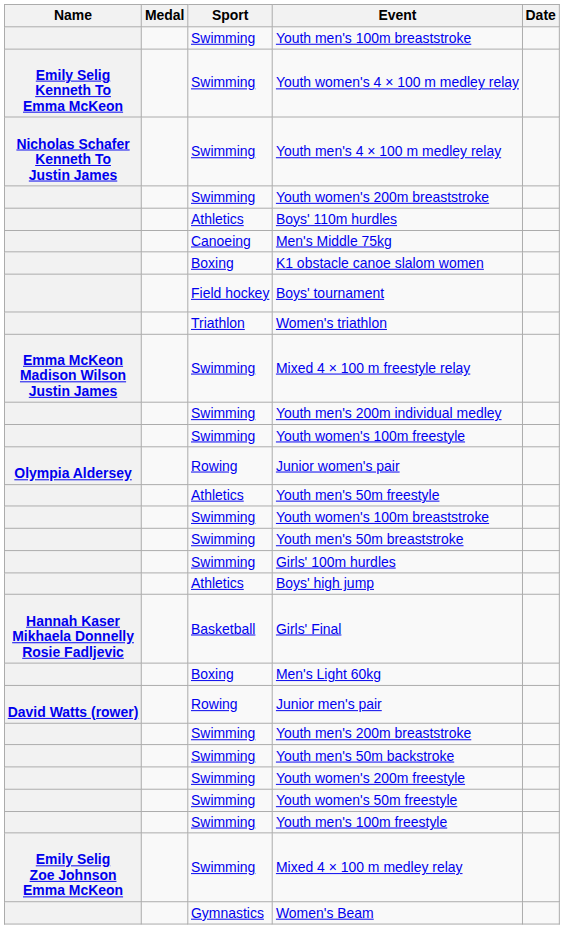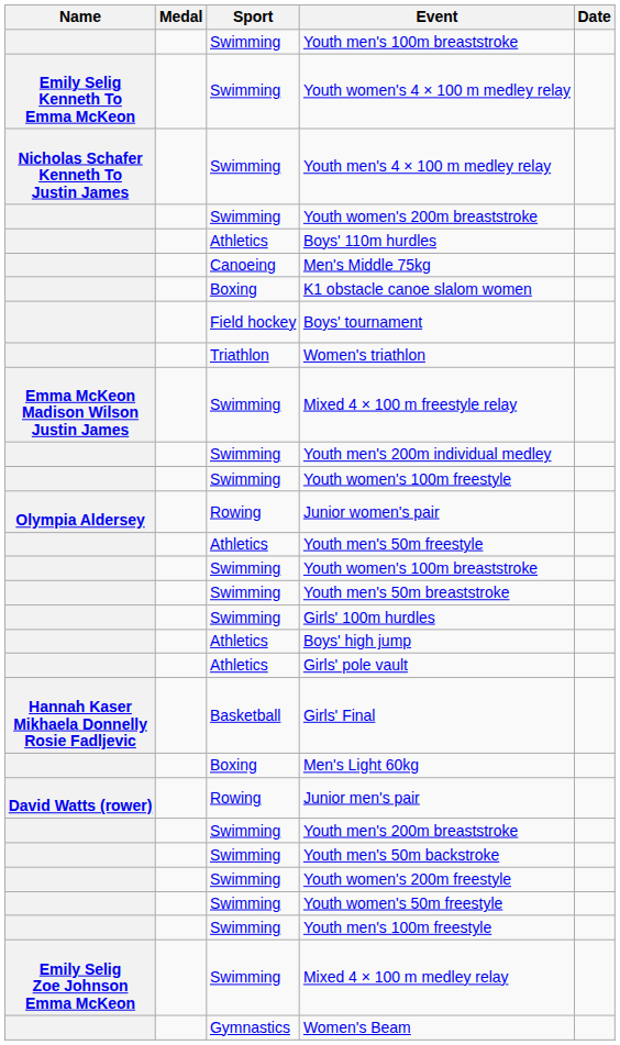 <table class="wikitable plainrowheaders sortable" style="font-size:90%">
 <tr>
 <th scope="col">Name</th>
 <th scope="col">Medal</th>
 <th scope="col">Sport</th>
 <th scope="col">Event</th>
 <th scope="col">Date</th>
 </tr>
 <tr>
 <th scope="row"></th>
 <td></td>
 <td><a href='#'>Swimming</a></td>
 <td><a href='#'>Youth men's 100m breaststroke</a></td>
 <td></td>
 </tr>
 <tr>
 <th scope="row"><br><a href='#'>Emily Selig</a><br><a href='#'>Kenneth To</a><br><a href='#'>Emma McKeon</a></th>
 <td></td>
 <td><a href='#'>Swimming</a></td>
 <td><a href='#'>Youth women's 4 × 100 m medley relay</a></td>
 <td></td>
 </tr>
 <tr>
 <th scope="row"><br><a href='#'>Nicholas Schafer</a><br><a href='#'>Kenneth To</a><br><a href='#'>Justin James</a></th>
 <td></td>
 <td><a href='#'>Swimming</a></td>
 <td><a href='#'>Youth men's 4 × 100 m medley relay</a></td>
 <td></td>
 </tr>
 <tr>
 <th scope="row"></th>
 <td></td>
 <td><a href='#'>Swimming</a></td>
 <td><a href='#'>Youth women's 200m breaststroke</a></td>
 <td></td>
 </tr>
 <tr>
 <th scope="row"></th>
 <td></td>
 <td><a href='#'>Athletics</a></td>
 <td><a href='#'>Boys' 110m hurdles</a></td>
 <td></td>
 </tr>
 <tr>
 <th scope="row"></th>
 <td></td>
 <td><a href='#'>Canoeing</a></td>
 <td><a href='#'>Men's Middle 75kg</a></td>
 <td></td>
 </tr>
 <tr>
 <th scope="row"></th>
 <td></td>
 <td><a href='#'>Boxing</a></td>
 <td><a href='#'>K1 obstacle canoe slalom women</a></td>
 <td></td>
 </tr>
 <tr>
 <th scope="row"><br><br>   </th>
 <td></td>
 <td><a href='#'>Field hockey</a></td>
 <td><a href='#'>Boys' tournament</a></td>
 <td></td>
 </tr>
 <tr>
 <th scope="row"></th>
 <td></td>
 <td><a href='#'>Triathlon</a></td>
 <td><a href='#'>Women's triathlon</a></td>
 <td></td>
 </tr>
 <tr>
 <th scope="row"><br><a href='#'>Emma McKeon</a><br><a href='#'>Madison Wilson</a><br><a href='#'>Justin James</a></th>
 <td></td>
 <td><a href='#'>Swimming</a></td>
 <td><a href='#'>Mixed 4 × 100 m freestyle relay</a></td>
 <td></td>
 </tr>
 <tr>
 <th scope="row"></th>
 <td></td>
 <td><a href='#'>Swimming</a></td>
 <td><a href='#'>Youth men's 200m individual medley</a></td>
 <td></td>
 </tr>
 <tr>
 <th scope="row"></th>
 <td></td>
 <td><a href='#'>Swimming</a></td>
 <td><a href='#'>Youth women's 100m freestyle</a></td>
 <td></td>
 </tr>
 <tr>
 <th scope="row"><br><a href='#'>Olympia Aldersey</a></th>
 <td></td>
 <td><a href='#'>Rowing</a></td>
 <td><a href='#'>Junior women's pair</a></td>
 <td></td>
 </tr>
 <tr>
 <th scope="row"></th>
 <td></td>
 <td><a href='#'>Athletics</a></td>
 <td><a href='#'>Youth men's 50m freestyle</a></td>
 <td></td>
 </tr>
 <tr>
 <th scope="row"></th>
 <td></td>
 <td><a href='#'>Swimming</a></td>
 <td><a href='#'>Youth women's 100m breaststroke</a></td>
 <td></td>
 </tr>
 <tr>
 <th scope="row"></th>
 <td></td>
 <td><a href='#'>Swimming</a></td>
 <td><a href='#'>Youth men's 50m breaststroke</a></td>
 <td></td>
 </tr>
 <tr>
 <th scope="row"></th>
 <td></td>
 <td><a href='#'>Swimming</a></td>
 <td><a href='#'>Girls' 100m hurdles</a></td>
 <td></td>
 </tr>
 <tr>
 <th scope="row"></th>
 <td></td>
 <td><a href='#'>Athletics</a></td>
 <td><a href='#'>Boys' high jump</a></td>
 <td></td>
 </tr>
 <tr>
+<th scope="row"></th>
+<td></td>
+<td><a href='#'>Athletics</a></td>
+<td><a href='#'>Girls' pole vault</a></td>
+<td></td>
+</tr>
+<tr>
 <th scope="row"><br><a href='#'>Hannah Kaser</a><br><a href='#'>Mikhaela Donnelly</a><br><a href='#'>Rosie Fadljevic</a></th>
 <td></td>
 <td><a href='#'>Basketball</a></td>
 <td><a href='#'>Girls' Final</a></td>
 <td></td>
 </tr>
 <tr>
 <th scope="row"></th>
 <td></td>
 <td><a href='#'>Boxing</a></td>
 <td><a href='#'>Men's Light 60kg</a></td>
 <td></td>
 </tr>
 <tr>
 <th scope="row"><br><a href='#'>David Watts (rower)</a></th>
 <td></td>
 <td><a href='#'>Rowing</a></td>
 <td><a href='#'>Junior men's pair</a></td>
 <td></td>
 </tr>
 <tr>
 <th scope="row"></th>
 <td></td>
 <td><a href='#'>Swimming</a></td>
 <td><a href='#'>Youth men's 200m breaststroke</a></td>
 <td></td>
 </tr>
 <tr>
 <th scope="row"></th>
 <td></td>
 <td><a href='#'>Swimming</a></td>
 <td><a href='#'>Youth men's 50m backstroke</a></td>
 <td></td>
 </tr>
 <tr>
 <th scope="row"></th>
 <td></td>
 <td><a href='#'>Swimming</a></td>
 <td><a href='#'>Youth women's 200m freestyle</a></td>
 <td></td>
 </tr>
 <tr>
 <th scope="row"></th>
 <td></td>
 <td><a href='#'>Swimming</a></td>
 <td><a href='#'>Youth women's 50m freestyle</a></td>
 <td></td>
 </tr>
 <tr>
 <th scope="row"></th>
 <td></td>
 <td><a href='#'>Swimming</a></td>
 <td><a href='#'>Youth men's 100m freestyle</a></td>
 <td></td>
 </tr>
 <tr>
 <th scope="row"><br><a href='#'>Emily Selig</a><br><a href='#'>Zoe Johnson</a><br><a href='#'>Emma McKeon</a></th>
 <td></td>
 <td><a href='#'>Swimming</a></td>
 <td><a href='#'>Mixed 4 × 100 m medley relay</a></td>
 <td></td>
 </tr>
 <tr>
 <th scope="row"></th>
 <td></td>
 <td><a href='#'>Gymnastics</a></td>
 <td><a href='#'>Women's Beam</a></td>
 <td></td>
 </tr>
 </table>
